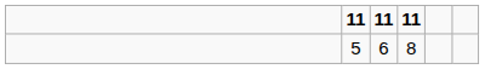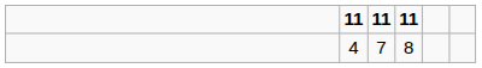 <table class="wikitable">
 <tr>
 <td style="width:18em"><strong> </strong></td>
 <td align=center style="width:1em"><strong>11</strong></td>
 <td align=center style="width:1em"><strong>11</strong></td>
 <td align=center style="width:1em"><strong>11</strong></td>
 <td align=center style="width:1em"></td>
 <td align=center style="width:1em"></td>
 </tr>
 <tr>
 <td style="width:18em"></td>
-<td align=center style="width:1em">5</td>
-<td align=center style="width:1em">6</td>
+<td align=center style="width:1em">4</td>
+<td align=center style="width:1em">7</td>
 <td align=center style="width:1em">8</td>
 <td align=center style="width:1em"></td>
 <td align=center style="width:1em"></td>
 </tr>
 </table>
